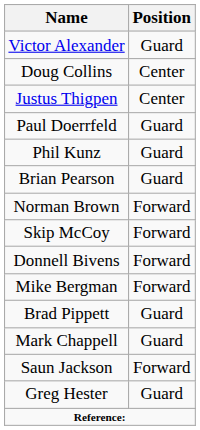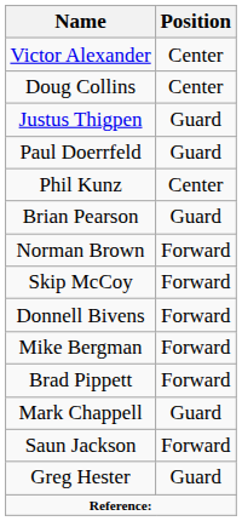 <table class="wikitable" style="text-align: center">
 <tr>
 <th>Name</th>
 <th>Position</th>
 </tr>
 <tr>
 <td><a href='#'>Victor Alexander</a></td>
-<td>Guard</td>
+<td>Center</td>
 </tr>
 <tr>
 <td>Doug Collins</td>
 <td>Center</td>
 </tr>
 <tr>
 <td><a href='#'>Justus Thigpen</a></td>
-<td>Center</td>
+<td>Guard</td>
 </tr>
 <tr>
 <td>Paul Doerrfeld</td>
 <td>Guard</td>
 </tr>
 <tr>
 <td>Phil Kunz</td>
-<td>Guard</td>
+<td>Center</td>
 </tr>
 <tr>
 <td>Brian Pearson</td>
 <td>Guard</td>
 </tr>
 <tr>
 <td>Norman Brown</td>
 <td>Forward</td>
 </tr>
 <tr>
 <td>Skip McCoy</td>
 <td>Forward</td>
 </tr>
 <tr>
 <td>Donnell Bivens</td>
 <td>Forward</td>
 </tr>
 <tr>
 <td>Mike Bergman</td>
 <td>Forward</td>
 </tr>
 <tr>
 <td>Brad Pippett</td>
-<td>Guard</td>
+<td>Forward</td>
 </tr>
 <tr>
 <td>Mark Chappell</td>
 <td>Guard</td>
 </tr>
 <tr>
 <td>Saun Jackson</td>
 <td>Forward</td>
 </tr>
 <tr>
 <td>Greg Hester</td>
 <td>Guard</td>
 </tr>
 <tr>
 <td colspan="5" style="font-size:8pt; text-align:center;"><strong>Reference:</strong></td>
 </tr>
 </table>
